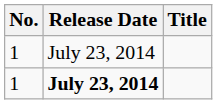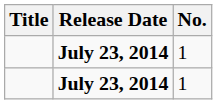 <table class="wikitable sortable">
 <tr>
+<th>Title</th>
+<th>Release Date</th>
 <th>No.</th>
-<th>Release Date</th>
-<th>Title</th>
 </tr>
 <tr>
+<td></td>
+<td><strong>July 23, 2014</strong></td>
 <td>1</td>
-<td>July 23, 2014</td>
-<td></td>
 </tr>
 <tr>
+<td></td>
+<td><strong>July 23, 2014</strong></td>
 <td>1</td>
-<td><strong>July 23, 2014</strong></td>
-<td></td>
 </tr>
 </table>
